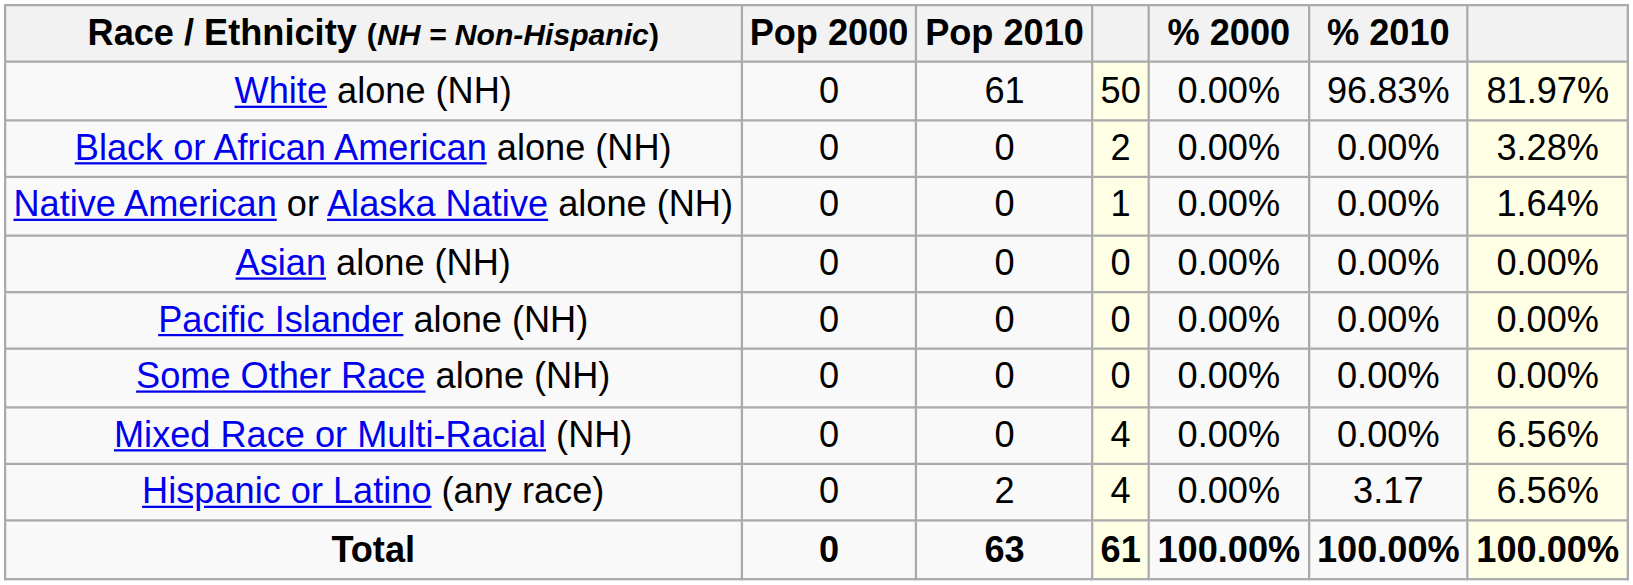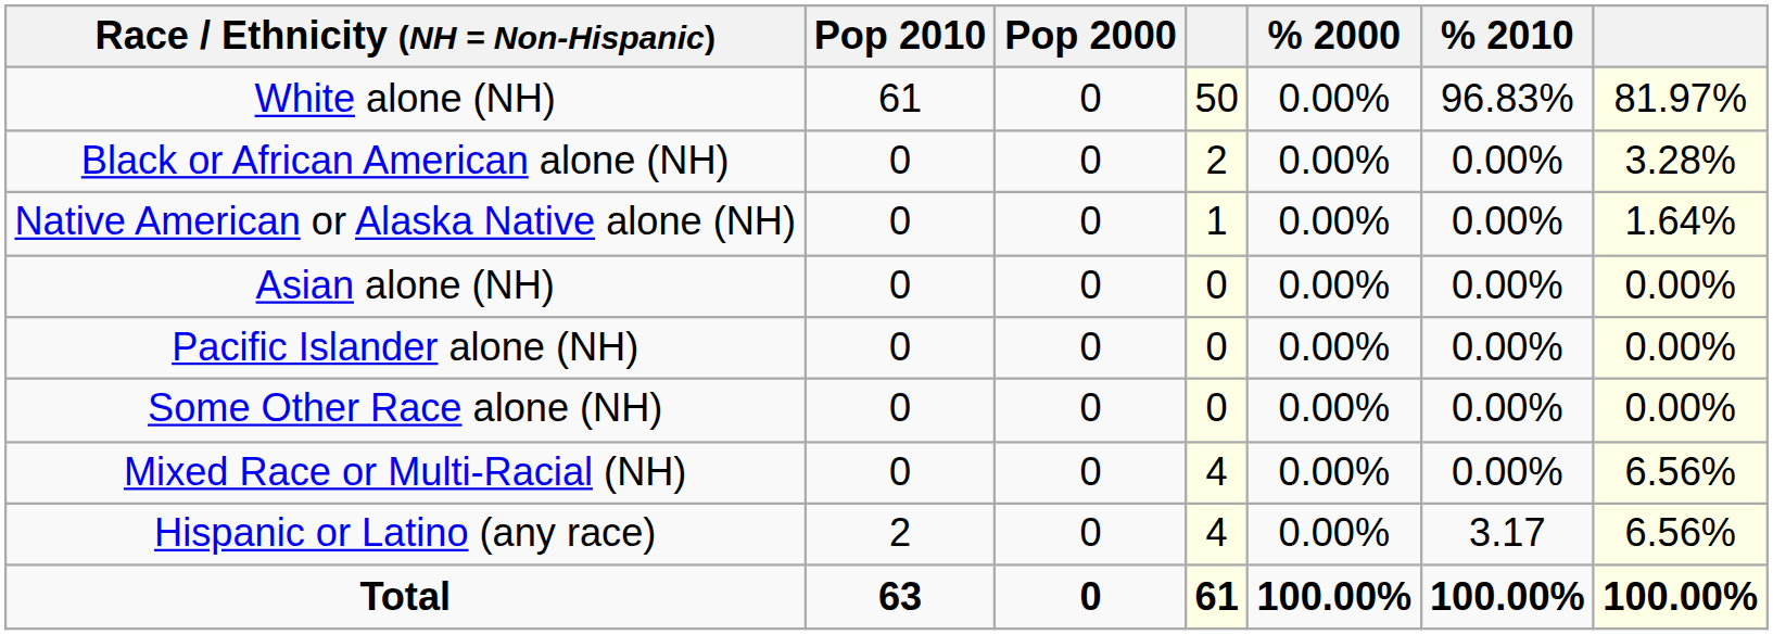 <table class="wikitable" style="text-align:center;">
 <tr>
 <th>Race / Ethnicity <small>(<em>NH = Non-Hispanic</em>)</small></th>
+<th>Pop 2010</th>
 <th>Pop 2000</th>
-<th>Pop 2010</th>
 <th></th>
 <th>% 2000</th>
 <th>% 2010</th>
 <th></th>
 </tr>
 <tr>
 <td><a href='#'>White</a> alone (NH)</td>
+<td>61</td>
 <td>0</td>
-<td>61</td>
 <td style='background: #ffffe6;'>50</td>
 <td>0.00%</td>
 <td>96.83%</td>
 <td style='background: #ffffe6;'>81.97%</td>
 </tr>
 <tr>
 <td><a href='#'>Black or African American</a> alone (NH)</td>
 <td>0</td>
 <td>0</td>
 <td style='background: #ffffe6;'>2</td>
 <td>0.00%</td>
 <td>0.00%</td>
 <td style='background: #ffffe6;'>3.28%</td>
 </tr>
 <tr>
 <td><a href='#'>Native American</a> or <a href='#'>Alaska Native</a> alone (NH)</td>
 <td>0</td>
 <td>0</td>
 <td style='background: #ffffe6;'>1</td>
 <td>0.00%</td>
 <td>0.00%</td>
 <td style='background: #ffffe6;'>1.64%</td>
 </tr>
 <tr>
 <td><a href='#'>Asian</a> alone (NH)</td>
 <td>0</td>
 <td>0</td>
 <td style='background: #ffffe6;'>0</td>
 <td>0.00%</td>
 <td>0.00%</td>
 <td style='background: #ffffe6;'>0.00%</td>
 </tr>
 <tr>
 <td><a href='#'>Pacific Islander</a> alone (NH)</td>
 <td>0</td>
 <td>0</td>
 <td style='background: #ffffe6;'>0</td>
 <td>0.00%</td>
 <td>0.00%</td>
 <td style='background: #ffffe6;'>0.00%</td>
 </tr>
 <tr>
 <td><a href='#'>Some Other Race</a> alone (NH)</td>
 <td>0</td>
 <td>0</td>
 <td style='background: #ffffe6;'>0</td>
 <td>0.00%</td>
 <td>0.00%</td>
 <td style='background: #ffffe6;'>0.00%</td>
 </tr>
 <tr>
 <td><a href='#'>Mixed Race or Multi-Racial</a> (NH)</td>
 <td>0</td>
 <td>0</td>
 <td style='background: #ffffe6;'>4</td>
 <td>0.00%</td>
 <td>0.00%</td>
 <td style='background: #ffffe6;'>6.56%</td>
 </tr>
 <tr>
 <td><a href='#'>Hispanic or Latino</a> (any race)</td>
+<td>2</td>
 <td>0</td>
-<td>2</td>
 <td style='background: #ffffe6;'>4</td>
 <td>0.00%</td>
 <td>3.17</td>
 <td style='background: #ffffe6;'>6.56%</td>
 </tr>
 <tr>
 <td><strong>Total</strong></td>
+<td><strong>63</strong></td>
 <td><strong>0</strong></td>
-<td><strong>63</strong></td>
 <td style='background: #ffffe6;'><strong>61</strong></td>
 <td><strong>100.00%</strong></td>
 <td><strong>100.00%</strong></td>
 <td style='background: #ffffe6;'><strong>100.00%</strong></td>
 </tr>
 </table>
